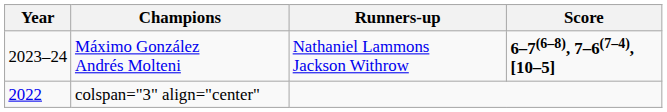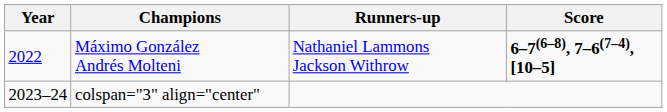 <table class="wikitable">
 <tr>
 <th>Year</th>
 <th width="200">Champions</th>
 <th width="200">Runners-up</th>
 <th width="140">Score</th>
 </tr>
 <tr>
-<td>2023–24</td>
+<td><a href='#'>2022</a></td>
 <td> <a href='#'>Máximo González</a><br> <a href='#'>Andrés Molteni</a></td>
 <td> <a href='#'>Nathaniel Lammons</a><br> <a href='#'>Jackson Withrow</a></td>
 <td><strong>6–7<sup>(6–8)</sup>, 7–6<sup>(7–4)</sup>, [10–5]</strong></td>
 </tr>
 <tr>
-<td><a href='#'>2022</a></td>
+<td>2023–24</td>
 <td>colspan="3" align="center" </td>
 </tr>
 </table>
